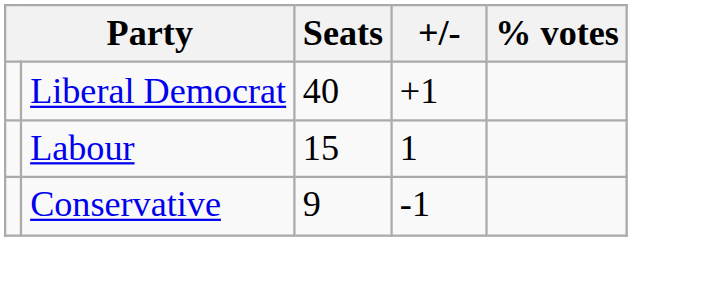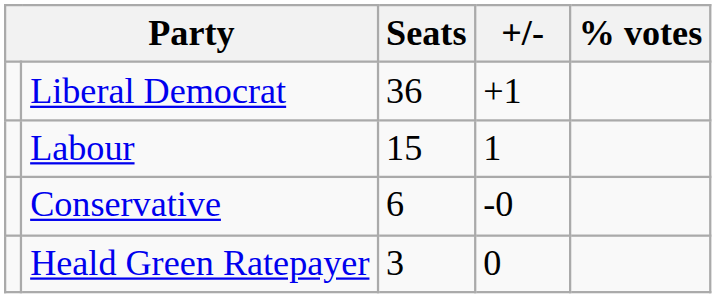 <table class="wikitable">
 <tr>
 <th colspan="2">Party</th>
 <th>Seats</th>
 <th>  +/-  </th>
 <th>% votes</th>
 </tr>
 <tr>
 <td style="background-color: "></td>
 <td><a href='#'>Liberal Democrat</a></td>
-<td>40</td>
+<td>36</td>
 <td>+1</td>
 <td></td>
 </tr>
 <tr>
 <td style="background-color: "></td>
 <td><a href='#'>Labour</a></td>
 <td>15</td>
 <td>1</td>
 <td></td>
 </tr>
 <tr>
 <td style="background-color: "></td>
 <td><a href='#'>Conservative</a></td>
-<td>9</td>
-<td>-1</td>
+<td>6</td>
+<td>-0</td>
+<td></td>
+</tr>
+<tr>
+<td style="background-color: "></td>
+<td><a href='#'>Heald Green Ratepayer</a></td>
+<td>3</td>
+<td>0</td>
 <td></td>
 </tr>
 </table>
